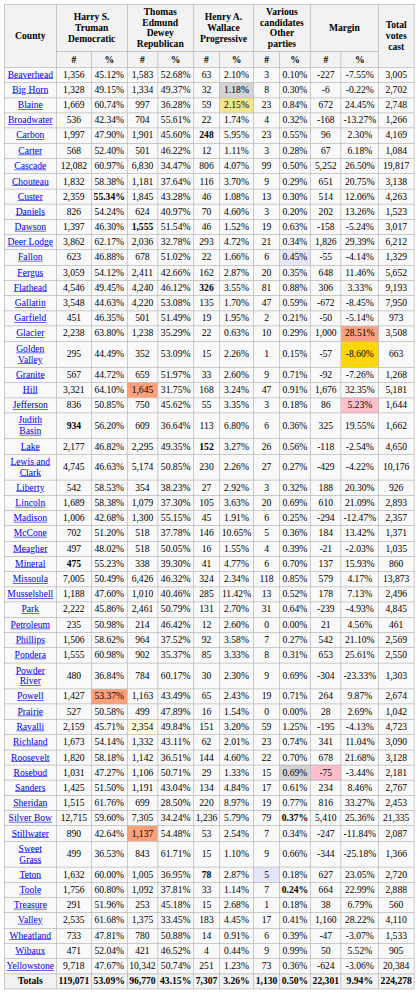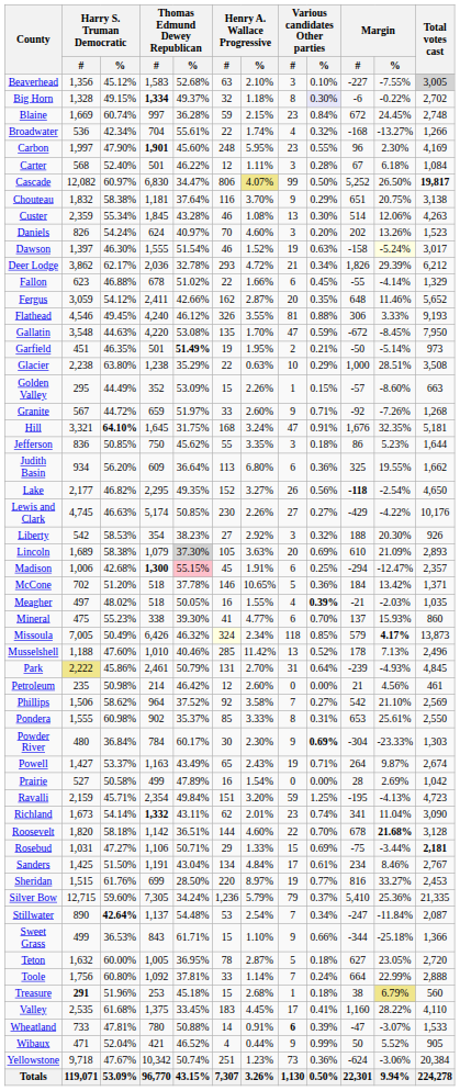 <table width="65%"  class="wikitable sortable" style="text-align:center">
 <tr>
 <th colspan="1" rowspan="2">County</th>
 <th style="text-align:center;" colspan="2">Harry S. Truman<br>Democratic</th>
 <th style="text-align:center;" colspan="2">Thomas Edmund Dewey<br>Republican</th>
 <th style="text-align:center;" colspan="2">Henry A. Wallace<br>Progressive</th>
 <th style="text-align:center;" colspan="2">Various candidates<br>Other parties</th>
 <th style="text-align:center;" colspan="2">Margin</th>
 <th colspan="1" rowspan="2" style="text-align:center;">Total votes cast</th>
 </tr>
 <tr>
 <th style="text-align:center;" data-sort-type="number">#</th>
 <th style="text-align:center;" data-sort-type="number">%</th>
 <th style="text-align:center;" data-sort-type="number">#</th>
 <th style="text-align:center;" data-sort-type="number">%</th>
 <th style="text-align:center;" data-sort-type="number">#</th>
 <th style="text-align:center;" data-sort-type="number">%</th>
 <th style="text-align:center;" data-sort-type="number">#</th>
 <th style="text-align:center;" data-sort-type="number">%</th>
 <th style="text-align:center;" data-sort-type="number">#</th>
 <th style="text-align:center;" data-sort-type="number">%</th>
 </tr>
 <tr style="text-align:center;">
 <td><a href='#'>Beaverhead</a></td>
 <td>1,356</td>
 <td>45.12%</td>
 <td>1,583</td>
 <td>52.68%</td>
 <td>63</td>
 <td>2.10%</td>
 <td>3</td>
 <td>0.10%</td>
 <td>-227</td>
 <td>-7.55%</td>
-<td>3,005</td>
+<td style="background: lightgrey;">3,005</td>
 </tr>
 <tr style="text-align:center;">
 <td><a href='#'>Big Horn</a></td>
 <td>1,328</td>
 <td>49.15%</td>
-<td>1,334</td>
+<td><strong>1,334</strong></td>
 <td>49.37%</td>
 <td>32</td>
-<td style="background: lightgrey;">1.18%</td>
+<td>1.18%</td>
 <td>8</td>
-<td>0.30%</td>
+<td style="background: lavender;">0.30%</td>
 <td>-6</td>
 <td>-0.22%</td>
 <td>2,702</td>
 </tr>
 <tr style="text-align:center;">
 <td><a href='#'>Blaine</a></td>
 <td>1,669</td>
 <td>60.74%</td>
 <td>997</td>
 <td>36.28%</td>
 <td>59</td>
-<td style="background: khaki;">2.15%</td>
+<td>2.15%</td>
 <td>23</td>
 <td>0.84%</td>
 <td>672</td>
 <td>24.45%</td>
 <td>2,748</td>
 </tr>
 <tr style="text-align:center;">
 <td><a href='#'>Broadwater</a></td>
 <td>536</td>
 <td>42.34%</td>
 <td>704</td>
 <td>55.61%</td>
 <td>22</td>
 <td>1.74%</td>
 <td>4</td>
 <td>0.32%</td>
 <td>-168</td>
 <td>-13.27%</td>
 <td>1,266</td>
 </tr>
 <tr style="text-align:center;">
 <td><a href='#'>Carbon</a></td>
 <td>1,997</td>
 <td>47.90%</td>
-<td>1,901</td>
+<td><strong>1,901</strong></td>
 <td>45.60%</td>
-<td><strong>248</strong></td>
+<td>248</td>
 <td>5.95%</td>
 <td>23</td>
 <td>0.55%</td>
 <td>96</td>
 <td>2.30%</td>
 <td>4,169</td>
 </tr>
 <tr style="text-align:center;">
 <td><a href='#'>Carter</a></td>
 <td>568</td>
 <td>52.40%</td>
 <td>501</td>
 <td>46.22%</td>
 <td>12</td>
 <td>1.11%</td>
 <td>3</td>
 <td>0.28%</td>
 <td>67</td>
 <td>6.18%</td>
 <td>1,084</td>
 </tr>
 <tr style="text-align:center;">
 <td><a href='#'>Cascade</a></td>
 <td>12,082</td>
 <td>60.97%</td>
 <td>6,830</td>
 <td>34.47%</td>
 <td>806</td>
-<td>4.07%</td>
+<td style="background: khaki;">4.07%</td>
 <td>99</td>
 <td>0.50%</td>
 <td>5,252</td>
 <td>26.50%</td>
-<td>19,817</td>
+<td><strong>19,817</strong></td>
 </tr>
 <tr style="text-align:center;">
 <td><a href='#'>Chouteau</a></td>
 <td>1,832</td>
 <td>58.38%</td>
 <td>1,181</td>
 <td>37.64%</td>
 <td>116</td>
 <td>3.70%</td>
 <td>9</td>
 <td>0.29%</td>
 <td>651</td>
 <td>20.75%</td>
 <td>3,138</td>
 </tr>
 <tr style="text-align:center;">
 <td><a href='#'>Custer</a></td>
 <td>2,359</td>
-<td><strong>55.34%</strong></td>
+<td>55.34%</td>
 <td>1,845</td>
 <td>43.28%</td>
 <td>46</td>
 <td>1.08%</td>
 <td>13</td>
 <td>0.30%</td>
 <td>514</td>
 <td>12.06%</td>
 <td>4,263</td>
 </tr>
 <tr style="text-align:center;">
 <td><a href='#'>Daniels</a></td>
 <td>826</td>
 <td>54.24%</td>
 <td>624</td>
 <td>40.97%</td>
 <td>70</td>
 <td>4.60%</td>
 <td>3</td>
 <td>0.20%</td>
 <td>202</td>
 <td>13.26%</td>
 <td>1,523</td>
 </tr>
 <tr style="text-align:center;">
 <td><a href='#'>Dawson</a></td>
 <td>1,397</td>
 <td>46.30%</td>
-<td><strong>1,555</strong></td>
+<td>1,555</td>
 <td>51.54%</td>
 <td>46</td>
 <td>1.52%</td>
 <td>19</td>
 <td>0.63%</td>
 <td>-158</td>
-<td>-5.24%</td>
+<td style="background: lightyellow;">-5.24%</td>
 <td>3,017</td>
 </tr>
 <tr style="text-align:center;">
 <td><a href='#'>Deer Lodge</a></td>
 <td>3,862</td>
 <td>62.17%</td>
 <td>2,036</td>
 <td>32.78%</td>
 <td>293</td>
 <td>4.72%</td>
 <td>21</td>
 <td>0.34%</td>
 <td>1,826</td>
 <td>29.39%</td>
 <td>6,212</td>
 </tr>
 <tr style="text-align:center;">
 <td><a href='#'>Fallon</a></td>
 <td>623</td>
 <td>46.88%</td>
 <td>678</td>
 <td>51.02%</td>
 <td>22</td>
 <td>1.66%</td>
 <td>6</td>
-<td style="background: lavender;">0.45%</td>
+<td>0.45%</td>
 <td>-55</td>
 <td>-4.14%</td>
 <td>1,329</td>
 </tr>
 <tr style="text-align:center;">
 <td><a href='#'>Fergus</a></td>
 <td>3,059</td>
 <td>54.12%</td>
 <td>2,411</td>
 <td>42.66%</td>
 <td>162</td>
 <td>2.87%</td>
 <td>20</td>
 <td>0.35%</td>
 <td>648</td>
 <td>11.46%</td>
 <td>5,652</td>
 </tr>
 <tr style="text-align:center;">
 <td><a href='#'>Flathead</a></td>
 <td>4,546</td>
 <td>49.45%</td>
 <td>4,240</td>
 <td>46.12%</td>
-<td><strong>326</strong></td>
+<td>326</td>
 <td>3.55%</td>
 <td>81</td>
 <td>0.88%</td>
 <td>306</td>
 <td>3.33%</td>
 <td>9,193</td>
 </tr>
 <tr style="text-align:center;">
 <td><a href='#'>Gallatin</a></td>
 <td>3,548</td>
 <td>44.63%</td>
 <td>4,220</td>
 <td>53.08%</td>
 <td>135</td>
 <td>1.70%</td>
 <td>47</td>
 <td>0.59%</td>
 <td>-672</td>
 <td>-8.45%</td>
 <td>7,950</td>
 </tr>
 <tr style="text-align:center;">
 <td><a href='#'>Garfield</a></td>
 <td>451</td>
 <td>46.35%</td>
 <td>501</td>
-<td>51.49%</td>
+<td><strong>51.49%</strong></td>
 <td>19</td>
 <td>1.95%</td>
 <td>2</td>
 <td>0.21%</td>
 <td>-50</td>
 <td>-5.14%</td>
 <td>973</td>
 </tr>
 <tr style="text-align:center;">
 <td><a href='#'>Glacier</a></td>
 <td>2,238</td>
 <td>63.80%</td>
 <td>1,238</td>
 <td>35.29%</td>
 <td>22</td>
 <td>0.63%</td>
 <td>10</td>
 <td>0.29%</td>
 <td>1,000</td>
-<td style="background: lightsalmon;">28.51%</td>
+<td>28.51%</td>
 <td>3,508</td>
 </tr>
 <tr style="text-align:center;">
 <td><a href='#'>Golden Valley</a></td>
 <td>295</td>
 <td>44.49%</td>
 <td>352</td>
 <td>53.09%</td>
 <td>15</td>
 <td>2.26%</td>
 <td>1</td>
 <td>0.15%</td>
 <td>-57</td>
-<td style="background: gold;">-8.60%</td>
+<td>-8.60%</td>
 <td>663</td>
 </tr>
 <tr style="text-align:center;">
 <td><a href='#'>Granite</a></td>
 <td>567</td>
 <td>44.72%</td>
 <td>659</td>
 <td>51.97%</td>
 <td>33</td>
 <td>2.60%</td>
 <td>9</td>
 <td>0.71%</td>
 <td>-92</td>
 <td>-7.26%</td>
 <td>1,268</td>
 </tr>
 <tr style="text-align:center;">
 <td><a href='#'>Hill</a></td>
 <td>3,321</td>
-<td>64.10%</td>
-<td style="background: lightsalmon;">1,645</td>
+<td><strong>64.10%</strong></td>
+<td>1,645</td>
 <td>31.75%</td>
 <td>168</td>
 <td>3.24%</td>
 <td>47</td>
 <td>0.91%</td>
 <td>1,676</td>
 <td>32.35%</td>
 <td>5,181</td>
 </tr>
 <tr style="text-align:center;">
 <td><a href='#'>Jefferson</a></td>
 <td>836</td>
 <td>50.85%</td>
 <td>750</td>
 <td>45.62%</td>
 <td>55</td>
 <td>3.35%</td>
 <td>3</td>
 <td>0.18%</td>
 <td>86</td>
-<td style="background: pink;">5.23%</td>
+<td>5.23%</td>
 <td>1,644</td>
 </tr>
 <tr style="text-align:center;">
 <td><a href='#'>Judith Basin</a></td>
-<td><strong>934</strong></td>
+<td>934</td>
 <td>56.20%</td>
 <td>609</td>
 <td>36.64%</td>
 <td>113</td>
 <td>6.80%</td>
 <td>6</td>
 <td>0.36%</td>
 <td>325</td>
 <td>19.55%</td>
 <td>1,662</td>
 </tr>
 <tr style="text-align:center;">
 <td><a href='#'>Lake</a></td>
 <td>2,177</td>
 <td>46.82%</td>
 <td>2,295</td>
 <td>49.35%</td>
-<td><strong>152</strong></td>
+<td>152</td>
 <td>3.27%</td>
 <td>26</td>
 <td>0.56%</td>
-<td>-118</td>
+<td><strong>-118</strong></td>
 <td>-2.54%</td>
 <td>4,650</td>
 </tr>
 <tr style="text-align:center;">
 <td><a href='#'>Lewis and Clark</a></td>
 <td>4,745</td>
 <td>46.63%</td>
 <td>5,174</td>
 <td>50.85%</td>
 <td>230</td>
 <td>2.26%</td>
 <td>27</td>
 <td>0.27%</td>
 <td>-429</td>
 <td>-4.22%</td>
 <td>10,176</td>
 </tr>
 <tr style="text-align:center;">
 <td><a href='#'>Liberty</a></td>
 <td>542</td>
 <td>58.53%</td>
 <td>354</td>
 <td>38.23%</td>
 <td>27</td>
 <td>2.92%</td>
 <td>3</td>
 <td>0.32%</td>
 <td>188</td>
 <td>20.30%</td>
 <td>926</td>
 </tr>
 <tr style="text-align:center;">
 <td><a href='#'>Lincoln</a></td>
 <td>1,689</td>
 <td>58.38%</td>
 <td>1,079</td>
-<td>37.30%</td>
+<td style="background: lightgrey;">37.30%</td>
 <td>105</td>
 <td>3.63%</td>
 <td>20</td>
 <td>0.69%</td>
 <td>610</td>
 <td>21.09%</td>
 <td>2,893</td>
 </tr>
 <tr style="text-align:center;">
 <td><a href='#'>Madison</a></td>
 <td>1,006</td>
 <td>42.68%</td>
-<td>1,300</td>
-<td>55.15%</td>
+<td><strong>1,300</strong></td>
+<td style="background: pink;">55.15%</td>
 <td>45</td>
 <td>1.91%</td>
 <td>6</td>
 <td>0.25%</td>
 <td>-294</td>
 <td>-12.47%</td>
 <td>2,357</td>
 </tr>
 <tr style="text-align:center;">
 <td><a href='#'>McCone</a></td>
 <td>702</td>
 <td>51.20%</td>
 <td>518</td>
 <td>37.78%</td>
 <td>146</td>
 <td>10.65%</td>
 <td>5</td>
 <td>0.36%</td>
 <td>184</td>
 <td>13.42%</td>
 <td>1,371</td>
 </tr>
 <tr style="text-align:center;">
 <td><a href='#'>Meagher</a></td>
 <td>497</td>
 <td>48.02%</td>
 <td>518</td>
 <td>50.05%</td>
 <td>16</td>
 <td>1.55%</td>
 <td>4</td>
-<td>0.39%</td>
+<td><strong>0.39%</strong></td>
 <td>-21</td>
 <td>-2.03%</td>
 <td>1,035</td>
 </tr>
 <tr style="text-align:center;">
 <td><a href='#'>Mineral</a></td>
-<td><strong>475</strong></td>
+<td>475</td>
 <td>55.23%</td>
 <td>338</td>
 <td>39.30%</td>
 <td>41</td>
 <td>4.77%</td>
 <td>6</td>
 <td>0.70%</td>
 <td>137</td>
 <td>15.93%</td>
 <td>860</td>
 </tr>
 <tr style="text-align:center;">
 <td><a href='#'>Missoula</a></td>
 <td>7,005</td>
 <td>50.49%</td>
 <td>6,426</td>
 <td>46.32%</td>
-<td>324</td>
+<td style="background: lightyellow;">324</td>
 <td>2.34%</td>
 <td>118</td>
 <td>0.85%</td>
 <td>579</td>
-<td>4.17%</td>
+<td><strong>4.17%</strong></td>
 <td>13,873</td>
 </tr>
 <tr style="text-align:center;">
 <td><a href='#'>Musselshell</a></td>
 <td>1,188</td>
 <td>47.60%</td>
 <td>1,010</td>
 <td>40.46%</td>
 <td>285</td>
 <td>11.42%</td>
 <td>13</td>
 <td>0.52%</td>
 <td>178</td>
 <td>7.13%</td>
 <td>2,496</td>
 </tr>
 <tr style="text-align:center;">
 <td><a href='#'>Park</a></td>
-<td>2,222</td>
+<td style="background: khaki;">2,222</td>
 <td>45.86%</td>
 <td>2,461</td>
 <td>50.79%</td>
 <td>131</td>
 <td>2.70%</td>
 <td>31</td>
 <td>0.64%</td>
 <td>-239</td>
 <td>-4.93%</td>
 <td>4,845</td>
 </tr>
 <tr style="text-align:center;">
 <td><a href='#'>Petroleum</a></td>
 <td>235</td>
 <td>50.98%</td>
 <td>214</td>
 <td>46.42%</td>
 <td>12</td>
 <td>2.60%</td>
 <td>0</td>
 <td>0.00%</td>
 <td>21</td>
 <td>4.56%</td>
 <td>461</td>
 </tr>
 <tr style="text-align:center;">
 <td><a href='#'>Phillips</a></td>
 <td>1,506</td>
 <td>58.62%</td>
 <td>964</td>
 <td>37.52%</td>
 <td>92</td>
 <td>3.58%</td>
 <td>7</td>
 <td>0.27%</td>
 <td>542</td>
 <td>21.10%</td>
 <td>2,569</td>
 </tr>
 <tr style="text-align:center;">
 <td><a href='#'>Pondera</a></td>
 <td>1,555</td>
 <td>60.98%</td>
 <td>902</td>
 <td>35.37%</td>
 <td>85</td>
 <td>3.33%</td>
 <td>8</td>
 <td>0.31%</td>
 <td>653</td>
 <td>25.61%</td>
 <td>2,550</td>
 </tr>
 <tr style="text-align:center;">
 <td><a href='#'>Powder River</a></td>
 <td>480</td>
 <td>36.84%</td>
 <td>784</td>
 <td>60.17%</td>
 <td>30</td>
 <td>2.30%</td>
 <td>9</td>
-<td>0.69%</td>
+<td><strong>0.69%</strong></td>
 <td>-304</td>
 <td>-23.33%</td>
 <td>1,303</td>
 </tr>
 <tr style="text-align:center;">
 <td><a href='#'>Powell</a></td>
 <td>1,427</td>
-<td style="background: lightsalmon;">53.37%</td>
+<td>53.37%</td>
 <td>1,163</td>
 <td>43.49%</td>
 <td>65</td>
 <td>2.43%</td>
 <td>19</td>
 <td>0.71%</td>
 <td>264</td>
 <td>9.87%</td>
 <td>2,674</td>
 </tr>
 <tr style="text-align:center;">
 <td><a href='#'>Prairie</a></td>
 <td>527</td>
 <td>50.58%</td>
 <td>499</td>
 <td>47.89%</td>
 <td>16</td>
 <td>1.54%</td>
 <td>0</td>
 <td>0.00%</td>
 <td>28</td>
 <td>2.69%</td>
 <td>1,042</td>
 </tr>
 <tr style="text-align:center;">
 <td><a href='#'>Ravalli</a></td>
 <td>2,159</td>
 <td>45.71%</td>
-<td style="background: lightyellow;">2,354</td>
+<td>2,354</td>
 <td>49.84%</td>
 <td>151</td>
 <td>3.20%</td>
 <td>59</td>
 <td>1.25%</td>
 <td>-195</td>
 <td>-4.13%</td>
 <td>4,723</td>
 </tr>
 <tr style="text-align:center;">
 <td><a href='#'>Richland</a></td>
 <td>1,673</td>
 <td>54.14%</td>
-<td>1,332</td>
+<td><strong>1,332</strong></td>
 <td>43.11%</td>
 <td>62</td>
 <td>2.01%</td>
 <td>23</td>
 <td>0.74%</td>
 <td>341</td>
 <td>11.04%</td>
 <td>3,090</td>
 </tr>
 <tr style="text-align:center;">
 <td><a href='#'>Roosevelt</a></td>
 <td>1,820</td>
 <td>58.18%</td>
 <td>1,142</td>
 <td>36.51%</td>
 <td>144</td>
 <td>4.60%</td>
 <td>22</td>
 <td>0.70%</td>
 <td>678</td>
-<td>21.68%</td>
+<td><strong>21.68%</strong></td>
 <td>3,128</td>
 </tr>
 <tr style="text-align:center;">
 <td><a href='#'>Rosebud</a></td>
 <td>1,031</td>
 <td>47.27%</td>
 <td>1,106</td>
 <td>50.71%</td>
 <td>29</td>
 <td>1.33%</td>
 <td>15</td>
-<td style="background: lightgrey;">0.69%</td>
-<td style="background: pink;">-75</td>
+<td>0.69%</td>
+<td>-75</td>
 <td>-3.44%</td>
-<td>2,181</td>
+<td><strong>2,181</strong></td>
 </tr>
 <tr style="text-align:center;">
 <td><a href='#'>Sanders</a></td>
 <td>1,425</td>
 <td>51.50%</td>
 <td>1,191</td>
 <td>43.04%</td>
 <td>134</td>
 <td>4.84%</td>
 <td>17</td>
 <td>0.61%</td>
 <td>234</td>
 <td>8.46%</td>
 <td>2,767</td>
 </tr>
 <tr style="text-align:center;">
 <td><a href='#'>Sheridan</a></td>
 <td>1,515</td>
 <td>61.76%</td>
 <td>699</td>
 <td>28.50%</td>
 <td>220</td>
 <td>8.97%</td>
 <td>19</td>
 <td>0.77%</td>
 <td>816</td>
 <td>33.27%</td>
 <td>2,453</td>
 </tr>
 <tr style="text-align:center;">
 <td><a href='#'>Silver Bow</a></td>
 <td>12,715</td>
 <td>59.60%</td>
 <td>7,305</td>
 <td>34.24%</td>
 <td>1,236</td>
 <td>5.79%</td>
 <td>79</td>
-<td><strong>0.37%</strong></td>
+<td>0.37%</td>
 <td>5,410</td>
 <td>25.36%</td>
 <td>21,335</td>
 </tr>
 <tr style="text-align:center;">
 <td><a href='#'>Stillwater</a></td>
 <td>890</td>
-<td>42.64%</td>
-<td style="background: lightsalmon;">1,137</td>
+<td><strong>42.64%</strong></td>
+<td>1,137</td>
 <td>54.48%</td>
 <td>53</td>
 <td>2.54%</td>
 <td>7</td>
 <td>0.34%</td>
 <td>-247</td>
 <td>-11.84%</td>
 <td>2,087</td>
 </tr>
 <tr style="text-align:center;">
 <td><a href='#'>Sweet Grass</a></td>
 <td>499</td>
 <td>36.53%</td>
 <td>843</td>
 <td>61.71%</td>
 <td>15</td>
 <td>1.10%</td>
 <td>9</td>
 <td>0.66%</td>
 <td>-344</td>
 <td>-25.18%</td>
 <td>1,366</td>
 </tr>
 <tr style="text-align:center;">
 <td><a href='#'>Teton</a></td>
 <td>1,632</td>
 <td>60.00%</td>
 <td>1,005</td>
 <td>36.95%</td>
-<td><strong>78</strong></td>
+<td>78</td>
 <td>2.87%</td>
-<td style="background: lavender;">5</td>
+<td>5</td>
 <td>0.18%</td>
 <td>627</td>
 <td>23.05%</td>
 <td>2,720</td>
 </tr>
 <tr style="text-align:center;">
 <td><a href='#'>Toole</a></td>
 <td>1,756</td>
 <td>60.80%</td>
 <td>1,092</td>
 <td>37.81%</td>
 <td>33</td>
 <td>1.14%</td>
 <td>7</td>
-<td><strong>0.24%</strong></td>
+<td>0.24%</td>
 <td>664</td>
 <td>22.99%</td>
 <td>2,888</td>
 </tr>
 <tr style="text-align:center;">
 <td><a href='#'>Treasure</a></td>
-<td>291</td>
+<td><strong>291</strong></td>
 <td>51.96%</td>
 <td>253</td>
 <td>45.18%</td>
 <td>15</td>
 <td>2.68%</td>
 <td>1</td>
 <td>0.18%</td>
 <td>38</td>
-<td>6.79%</td>
+<td style="background: khaki;">6.79%</td>
 <td>560</td>
 </tr>
 <tr style="text-align:center;">
 <td><a href='#'>Valley</a></td>
 <td>2,535</td>
 <td>61.68%</td>
 <td>1,375</td>
 <td>33.45%</td>
 <td>183</td>
 <td>4.45%</td>
 <td>17</td>
 <td>0.41%</td>
 <td>1,160</td>
 <td>28.22%</td>
 <td>4,110</td>
 </tr>
 <tr style="text-align:center;">
 <td><a href='#'>Wheatland</a></td>
 <td>733</td>
 <td>47.81%</td>
 <td>780</td>
 <td>50.88%</td>
 <td>14</td>
 <td>0.91%</td>
-<td>6</td>
+<td><strong>6</strong></td>
 <td>0.39%</td>
 <td>-47</td>
 <td>-3.07%</td>
 <td>1,533</td>
 </tr>
 <tr style="text-align:center;">
 <td><a href='#'>Wibaux</a></td>
 <td>471</td>
 <td>52.04%</td>
 <td>421</td>
 <td>46.52%</td>
 <td>4</td>
 <td>0.44%</td>
 <td>9</td>
 <td>0.99%</td>
 <td>50</td>
 <td>5.52%</td>
 <td>905</td>
 </tr>
 <tr style="text-align:center;">
 <td><a href='#'>Yellowstone</a></td>
 <td>9,718</td>
 <td>47.67%</td>
 <td>10,342</td>
 <td>50.74%</td>
 <td>251</td>
 <td>1.23%</td>
 <td>73</td>
 <td>0.36%</td>
 <td>-624</td>
 <td>-3.06%</td>
 <td>20,384</td>
 </tr>
 <tr style="text-align:center;">
 <th>Totals</th>
 <th>119,071</th>
 <th>53.09%</th>
 <th>96,770</th>
 <th>43.15%</th>
 <th>7,307</th>
 <th>3.26%</th>
 <th>1,130</th>
 <th>0.50%</th>
 <th>22,301</th>
 <th>9.94%</th>
 <th>224,278</th>
 </tr>
 </table>
